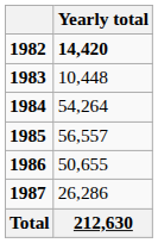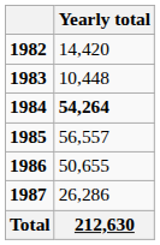 <table class="wikitable">
 <tr>
 <th></th>
 <th>Yearly total</th>
 </tr>
 <tr>
 <td><strong>1982</strong></td>
-<td><strong>14,420</strong></td>
+<td>14,420</td>
 </tr>
 <tr>
 <td><strong>1983</strong></td>
 <td>10,448</td>
 </tr>
 <tr>
 <td><strong>1984</strong></td>
-<td>54,264</td>
+<td><strong>54,264</strong></td>
 </tr>
 <tr>
 <td><strong>1985</strong></td>
 <td>56,557</td>
 </tr>
 <tr>
 <td><strong>1986</strong></td>
 <td>50,655</td>
 </tr>
 <tr>
 <td><strong>1987</strong></td>
 <td>26,286</td>
 </tr>
 <tr>
 <th>Total</th>
 <th><u>212,630</u></th>
 </tr>
 </table>
